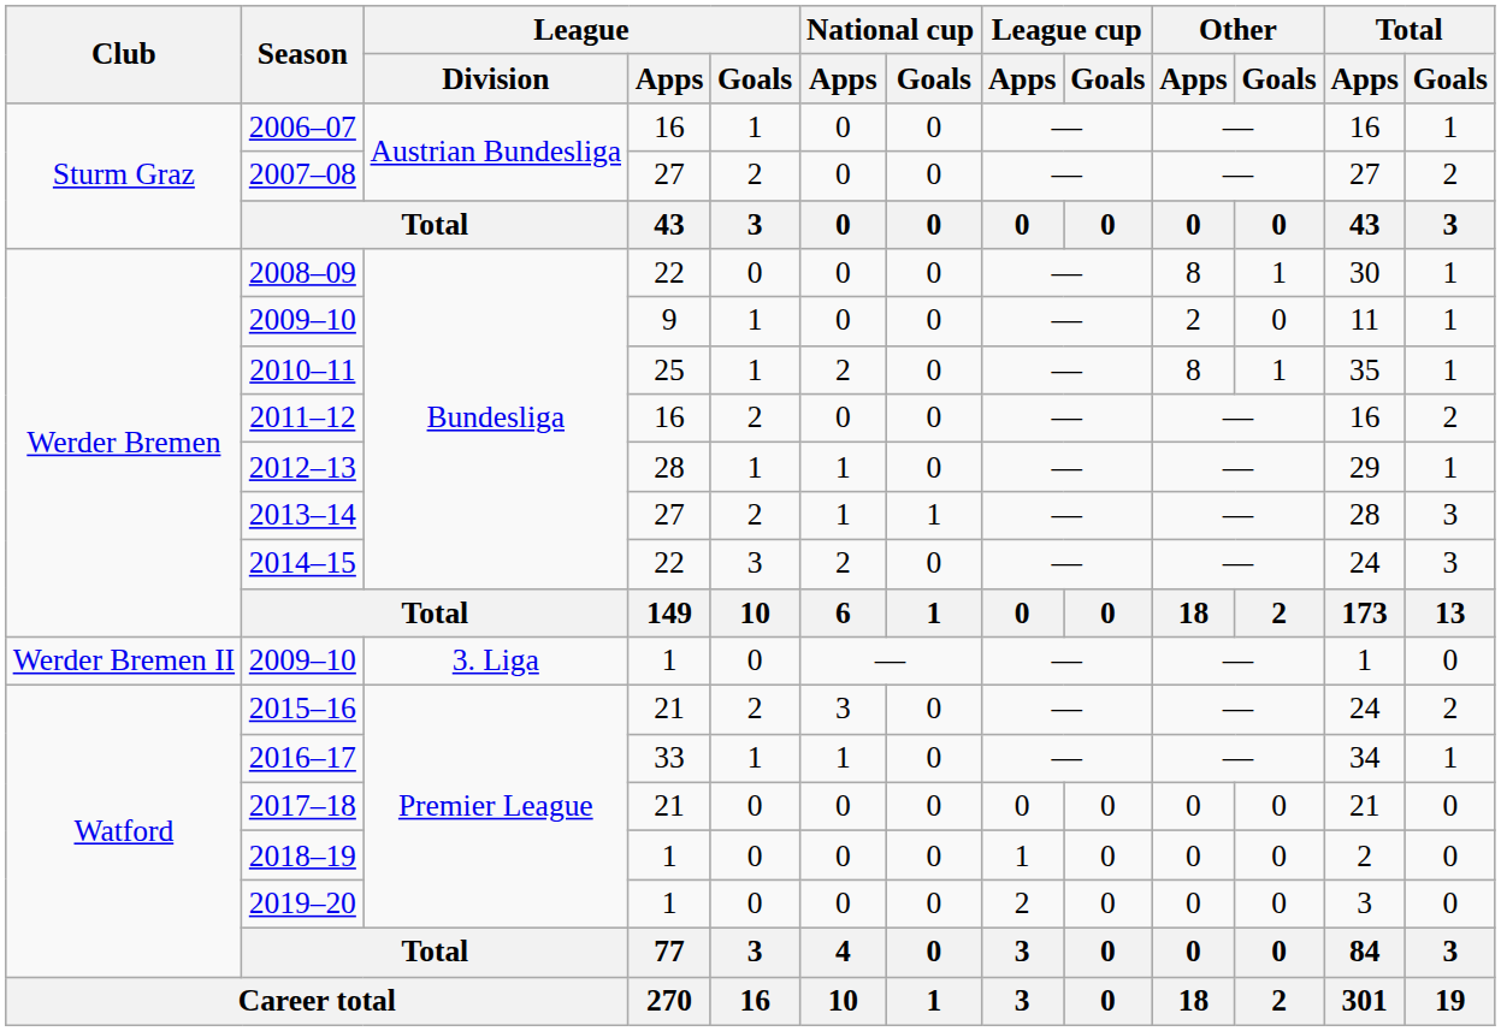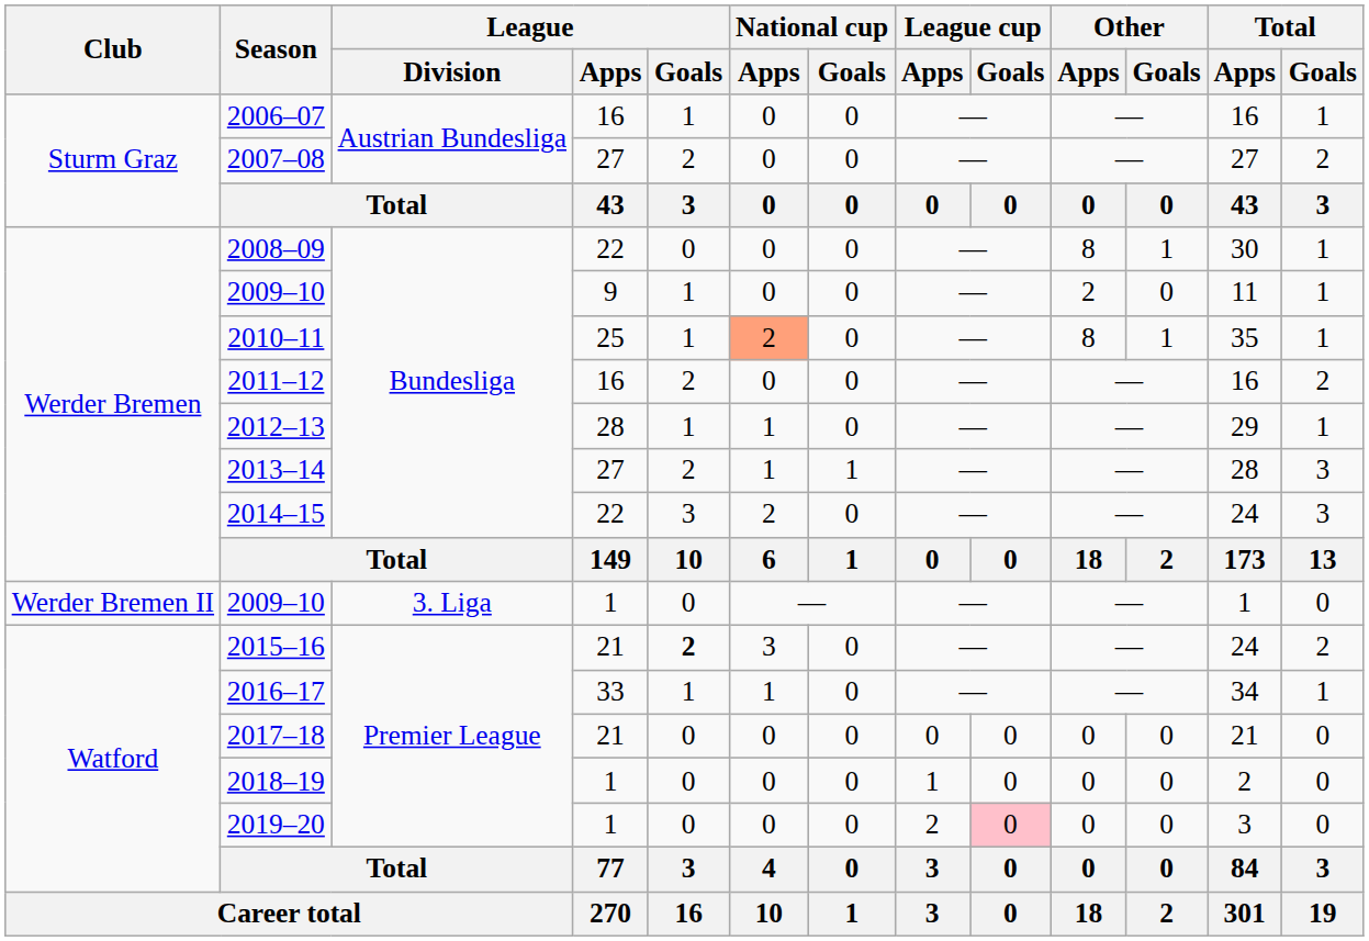 <table class="wikitable" style="text-align:center">
 <tr>
 <th rowspan="2">Club</th>
 <th rowspan="2">Season</th>
 <th colspan="3">League</th>
 <th colspan="2">National cup</th>
 <th colspan="2">League cup</th>
 <th colspan="2">Other</th>
 <th colspan="2">Total</th>
 </tr>
 <tr>
 <th>Division</th>
 <th>Apps</th>
 <th>Goals</th>
 <th>Apps</th>
 <th>Goals</th>
 <th>Apps</th>
 <th>Goals</th>
 <th>Apps</th>
 <th>Goals</th>
 <th>Apps</th>
 <th>Goals</th>
 </tr>
 <tr>
 <td rowspan="3"><a href='#'>Sturm Graz</a></td>
 <td><a href='#'>2006–07</a></td>
 <td rowspan="2"><a href='#'>Austrian Bundesliga</a></td>
 <td>16</td>
 <td>1</td>
 <td>0</td>
 <td>0</td>
 <td colspan="2">—</td>
 <td colspan="2">—</td>
 <td>16</td>
 <td>1</td>
 </tr>
 <tr>
 <td><a href='#'>2007–08</a></td>
 <td>27</td>
 <td>2</td>
 <td>0</td>
 <td>0</td>
 <td colspan="2">—</td>
 <td colspan="2">—</td>
 <td>27</td>
 <td>2</td>
 </tr>
 <tr>
 <th colspan="2">Total</th>
 <th>43</th>
 <th>3</th>
 <th>0</th>
 <th>0</th>
 <th>0</th>
 <th>0</th>
 <th>0</th>
 <th>0</th>
 <th>43</th>
 <th>3</th>
 </tr>
 <tr>
 <td rowspan="8"><a href='#'>Werder Bremen</a></td>
 <td><a href='#'>2008–09</a></td>
 <td rowspan="7"><a href='#'>Bundesliga</a></td>
 <td>22</td>
 <td>0</td>
 <td>0</td>
 <td>0</td>
 <td colspan="2">—</td>
 <td>8</td>
 <td>1</td>
 <td>30</td>
 <td>1</td>
 </tr>
 <tr>
 <td><a href='#'>2009–10</a></td>
 <td>9</td>
 <td>1</td>
 <td>0</td>
 <td>0</td>
 <td colspan="2">—</td>
 <td>2</td>
 <td>0</td>
 <td>11</td>
 <td>1</td>
 </tr>
 <tr>
 <td><a href='#'>2010–11</a></td>
 <td>25</td>
 <td>1</td>
-<td>2</td>
+<td style="background: lightsalmon;">2</td>
 <td>0</td>
 <td colspan="2">—</td>
 <td>8</td>
 <td>1</td>
 <td>35</td>
 <td>1</td>
 </tr>
 <tr>
 <td><a href='#'>2011–12</a></td>
 <td>16</td>
 <td>2</td>
 <td>0</td>
 <td>0</td>
 <td colspan="2">—</td>
 <td colspan="2">—</td>
 <td>16</td>
 <td>2</td>
 </tr>
 <tr>
 <td><a href='#'>2012–13</a></td>
 <td>28</td>
 <td>1</td>
 <td>1</td>
 <td>0</td>
 <td colspan="2">—</td>
 <td colspan="2">—</td>
 <td>29</td>
 <td>1</td>
 </tr>
 <tr>
 <td><a href='#'>2013–14</a></td>
 <td>27</td>
 <td>2</td>
 <td>1</td>
 <td>1</td>
 <td colspan="2">—</td>
 <td colspan="2">—</td>
 <td>28</td>
 <td>3</td>
 </tr>
 <tr>
 <td><a href='#'>2014–15</a></td>
 <td>22</td>
 <td>3</td>
 <td>2</td>
 <td>0</td>
 <td colspan="2">—</td>
 <td colspan="2">—</td>
 <td>24</td>
 <td>3</td>
 </tr>
 <tr>
 <th colspan="2">Total</th>
 <th>149</th>
 <th>10</th>
 <th>6</th>
 <th>1</th>
 <th>0</th>
 <th>0</th>
 <th>18</th>
 <th>2</th>
 <th>173</th>
 <th>13</th>
 </tr>
 <tr>
 <td><a href='#'>Werder Bremen II</a></td>
 <td><a href='#'>2009–10</a></td>
 <td><a href='#'>3. Liga</a></td>
 <td>1</td>
 <td>0</td>
 <td colspan="2">—</td>
 <td colspan="2">—</td>
 <td colspan="2">—</td>
 <td>1</td>
 <td>0</td>
 </tr>
 <tr>
 <td rowspan="6"><a href='#'>Watford</a></td>
 <td><a href='#'>2015–16</a></td>
 <td rowspan="5"><a href='#'>Premier League</a></td>
 <td>21</td>
-<td>2</td>
+<td><strong>2</strong></td>
 <td>3</td>
 <td>0</td>
 <td colspan="2">—</td>
 <td colspan="2">—</td>
 <td>24</td>
 <td>2</td>
 </tr>
 <tr>
 <td><a href='#'>2016–17</a></td>
 <td>33</td>
 <td>1</td>
 <td>1</td>
 <td>0</td>
 <td colspan="2">—</td>
 <td colspan="2">—</td>
 <td>34</td>
 <td>1</td>
 </tr>
 <tr>
 <td><a href='#'>2017–18</a></td>
 <td>21</td>
 <td>0</td>
 <td>0</td>
 <td>0</td>
 <td>0</td>
 <td>0</td>
 <td>0</td>
 <td>0</td>
 <td>21</td>
 <td>0</td>
 </tr>
 <tr>
 <td><a href='#'>2018–19</a></td>
 <td>1</td>
 <td>0</td>
 <td>0</td>
 <td>0</td>
 <td>1</td>
 <td>0</td>
 <td>0</td>
 <td>0</td>
 <td>2</td>
 <td>0</td>
 </tr>
 <tr>
 <td><a href='#'>2019–20</a></td>
 <td>1</td>
 <td>0</td>
 <td>0</td>
 <td>0</td>
 <td>2</td>
-<td>0</td>
+<td style="background: pink;">0</td>
 <td>0</td>
 <td>0</td>
 <td>3</td>
 <td>0</td>
 </tr>
 <tr>
 <th colspan="2">Total</th>
 <th>77</th>
 <th>3</th>
 <th>4</th>
 <th>0</th>
 <th>3</th>
 <th>0</th>
 <th>0</th>
 <th>0</th>
 <th>84</th>
 <th>3</th>
 </tr>
 <tr>
 <th colspan="3">Career total</th>
 <th>270</th>
 <th>16</th>
 <th>10</th>
 <th>1</th>
 <th>3</th>
 <th>0</th>
 <th>18</th>
 <th>2</th>
 <th>301</th>
 <th>19</th>
 </tr>
 </table>
